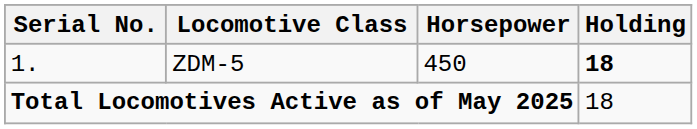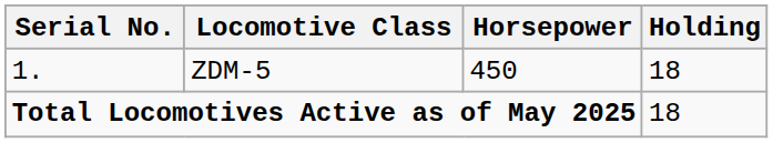 <table class="wikitable">
 <tr>
 <th>Serial No.</th>
 <th>Locomotive Class</th>
 <th>Horsepower</th>
 <th>Holding</th>
 </tr>
 <tr>
 <td>1.</td>
 <td>ZDM-5</td>
 <td>450</td>
-<td><strong>18</strong></td>
+<td>18</td>
 </tr>
 <tr>
 <td colspan="3"><strong>Total Locomotives Active as of May 2025</strong></td>
 <td>18</td>
 </tr>
 </table>
